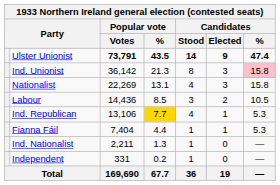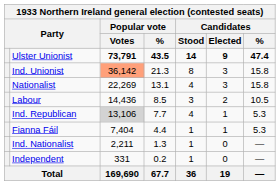 <table class="wikitable" style="font-size:95%">
 <tr>
 <th colspan="16" style="background-color:#f2f2f2">1933 Northern Ireland general election (contested seats)</th>
 </tr>
 <tr style="vertical-align:center;">
 <th style="width:150px;" "vertical-align:center;" rowspan="2" colspan="2">Party</th>
 <th colspan="2" style="width: 30px">Popular vote</th>
 <th colspan="3" style="width: 30px">Candidates</th>
 </tr>
 <tr>
 <th style="width:65px;">Votes</th>
 <th style="width:45px;">%</th>
 <th>Stood</th>
 <th>Elected</th>
 <th style="width:45px;">%</th>
 </tr>
 <tr>
 <th style="background-color: "></th>
 <td><a href='#'>Ulster Unionist</a></td>
 <td align="center"><strong>73,791</strong></td>
 <td align="center"><strong>43.5</strong></td>
 <td align="center"><strong>14</strong></td>
 <td align="center"><strong>9</strong></td>
 <td align="center"><strong>47.4</strong></td>
 </tr>
 <tr>
 <th style="background-color: "></th>
 <td><a href='#'>Ind. Unionist</a></td>
-<td align="center">36,142</td>
+<td align="center" style="background: lightsalmon;">36,142</td>
 <td align="center">21.3</td>
 <td align="center">8</td>
 <td align="center">3</td>
-<td align="center" style="background: pink;">15.8</td>
+<td align="center">15.8</td>
 </tr>
 <tr>
 <th style="background-color: "></th>
 <td><a href='#'>Nationalist</a></td>
 <td align="center">22,269</td>
 <td align="center">13.1</td>
 <td align="center">4</td>
 <td align="center">3</td>
 <td align="center">15.8</td>
 </tr>
 <tr>
 <th style="background-color: "></th>
 <td><a href='#'>Labour</a></td>
 <td align="center">14,436</td>
 <td align="center">8.5</td>
 <td align="center">3</td>
 <td align="center">2</td>
 <td align="center">10.5</td>
 </tr>
 <tr>
 <th style="background-color: "></th>
 <td><a href='#'>Ind. Republican</a></td>
-<td align="center">13,106</td>
-<td align="center" style="background: gold;">7.7</td>
+<td align="center" style="background: lightgrey;">13,106</td>
+<td align="center">7.7</td>
 <td align="center">4</td>
 <td align="center">1</td>
 <td align="center">5.3</td>
 </tr>
 <tr>
 <th style="background-color: "></th>
 <td><a href='#'>Fianna Fáil</a></td>
 <td align="center">7,404</td>
 <td align="center">4.4</td>
 <td align="center">1</td>
 <td align="center">1</td>
 <td align="center">5.3</td>
 </tr>
 <tr>
 <th style="background-color: "></th>
 <td><a href='#'>Ind. Nationalist</a></td>
 <td align="center">2,211</td>
 <td align="center">1.3</td>
 <td align="center">1</td>
 <td align="center">0</td>
 <td align="center">—</td>
 </tr>
 <tr>
 <th style="background-color: "></th>
 <td><a href='#'>Independent</a></td>
 <td align="center">331</td>
 <td align="center">0.2</td>
 <td align="center">1</td>
 <td align="center">0</td>
 <td align="center">—</td>
 </tr>
 <tr>
 <th style="width:150px;" "vertical-align:center;" colspan="2">Total</th>
 <th align="center">169,690</th>
 <th align="center">67.7</th>
 <th align="center">36</th>
 <th align="center">19</th>
 <th align="center">—</th>
 </tr>
 </table>
